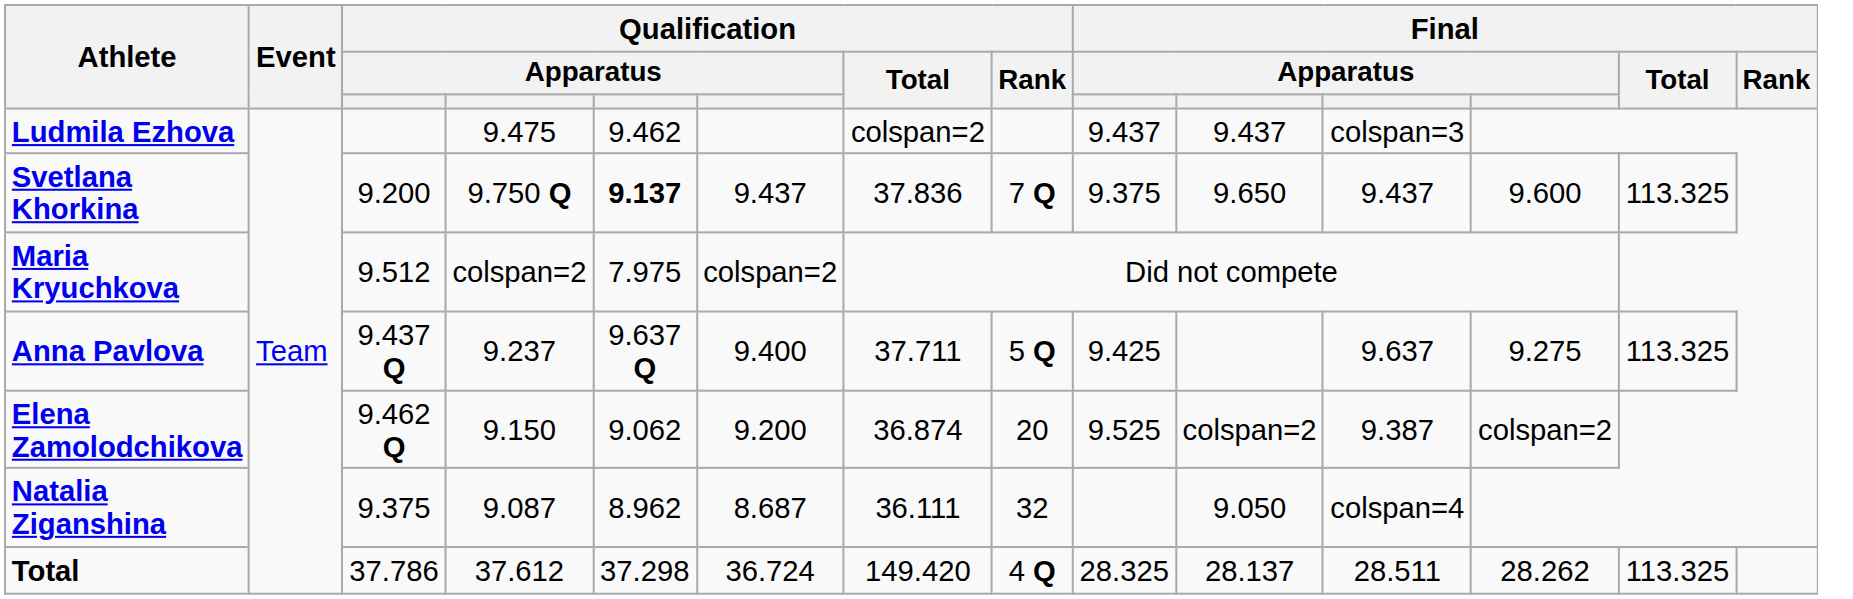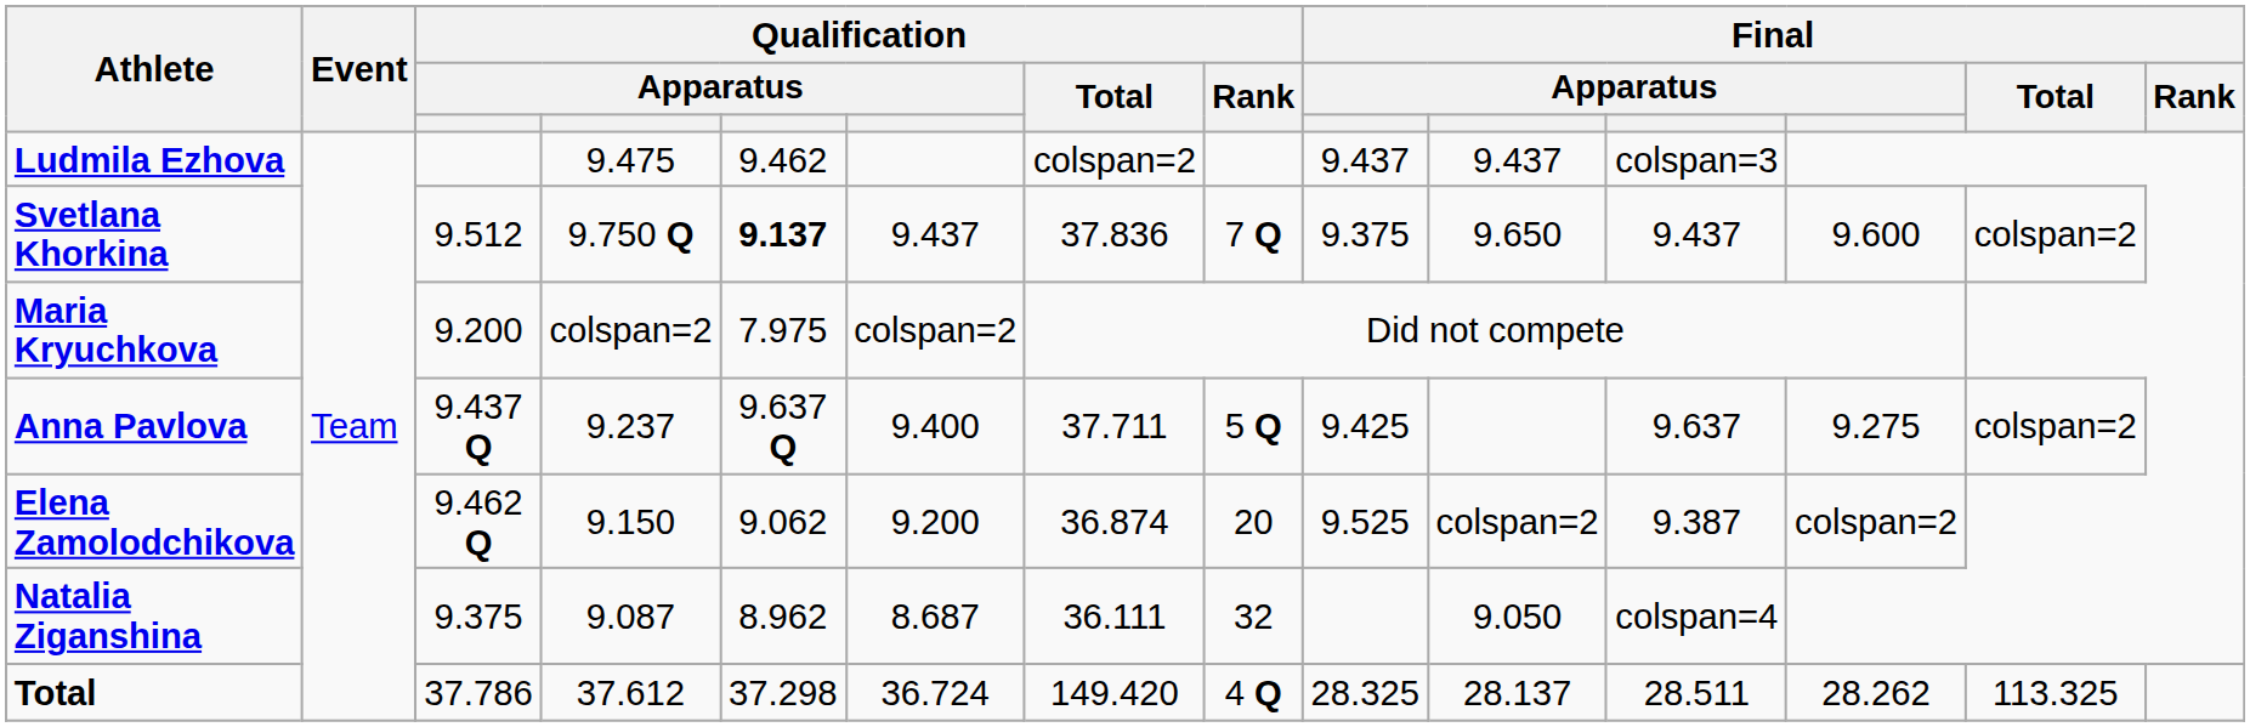 <table class="wikitable" style="font-size:90%">
 <tr>
 <th rowspan=3>Athlete</th>
 <th rowspan=3>Event</th>
 <th colspan=6>Qualification</th>
 <th colspan=6>Final</th>
 </tr>
 <tr style="font-size:95%">
 <th colspan=4>Apparatus</th>
 <th rowspan=2>Total</th>
 <th rowspan=2>Rank</th>
 <th colspan=4>Apparatus</th>
 <th rowspan=2>Total</th>
 <th rowspan=2>Rank</th>
 </tr>
 <tr style="font-size:95%">
 <th></th>
 <th></th>
 <th></th>
 <th></th>
 <th></th>
 <th></th>
 <th></th>
 <th></th>
 </tr>
 <tr align=center>
 <td align=left><strong><a href='#'>Ludmila Ezhova</a></strong></td>
 <td align=left rowspan=7><a href='#'>Team</a></td>
 <td></td>
 <td>9.475</td>
 <td>9.462</td>
 <td></td>
 <td>colspan=2 </td>
 <td></td>
 <td>9.437</td>
 <td>9.437</td>
 <td>colspan=3 </td>
 </tr>
 <tr align=center>
 <td align=left><strong><a href='#'>Svetlana Khorkina</a></strong></td>
-<td>9.200</td>
+<td>9.512</td>
 <td>9.750 <strong>Q</strong></td>
 <td><strong>9.137</strong></td>
 <td>9.437</td>
 <td>37.836</td>
 <td>7 <strong>Q</strong></td>
 <td>9.375</td>
 <td>9.650</td>
 <td>9.437</td>
 <td>9.600</td>
-<td>113.325</td>
+<td>colspan=2 </td>
 </tr>
 <tr align=center>
 <td align=left><strong><a href='#'>Maria Kryuchkova</a></strong></td>
-<td>9.512</td>
+<td>9.200</td>
 <td>colspan=2 </td>
 <td>7.975</td>
 <td>colspan=2 </td>
 <td colspan=6>Did not compete</td>
 </tr>
 <tr align=center>
 <td align=left><strong><a href='#'>Anna Pavlova</a></strong></td>
 <td>9.437 <strong>Q</strong></td>
 <td>9.237</td>
 <td>9.637 <strong>Q</strong></td>
 <td>9.400</td>
 <td>37.711</td>
 <td>5 <strong>Q</strong></td>
 <td>9.425</td>
 <td></td>
 <td>9.637</td>
 <td>9.275</td>
-<td>113.325</td>
+<td>colspan=2 </td>
 </tr>
 <tr align=center>
 <td align=left><strong><a href='#'>Elena Zamolodchikova</a></strong></td>
 <td>9.462 <strong>Q</strong></td>
 <td>9.150</td>
 <td>9.062</td>
 <td>9.200</td>
 <td>36.874</td>
 <td>20</td>
 <td>9.525</td>
 <td>colspan=2 </td>
 <td>9.387</td>
 <td>colspan=2 </td>
 </tr>
 <tr align=center>
 <td align=left><strong><a href='#'>Natalia Ziganshina</a></strong></td>
 <td>9.375</td>
 <td>9.087</td>
 <td>8.962</td>
 <td>8.687</td>
 <td>36.111</td>
 <td>32</td>
 <td></td>
 <td>9.050</td>
 <td>colspan=4 </td>
 </tr>
 <tr align=center>
 <td align=left><strong>Total</strong></td>
 <td>37.786</td>
 <td>37.612</td>
 <td>37.298</td>
 <td>36.724</td>
 <td>149.420</td>
 <td>4 <strong>Q</strong></td>
 <td>28.325</td>
 <td>28.137</td>
 <td>28.511</td>
 <td>28.262</td>
 <td>113.325</td>
 <td></td>
 </tr>
 </table>
